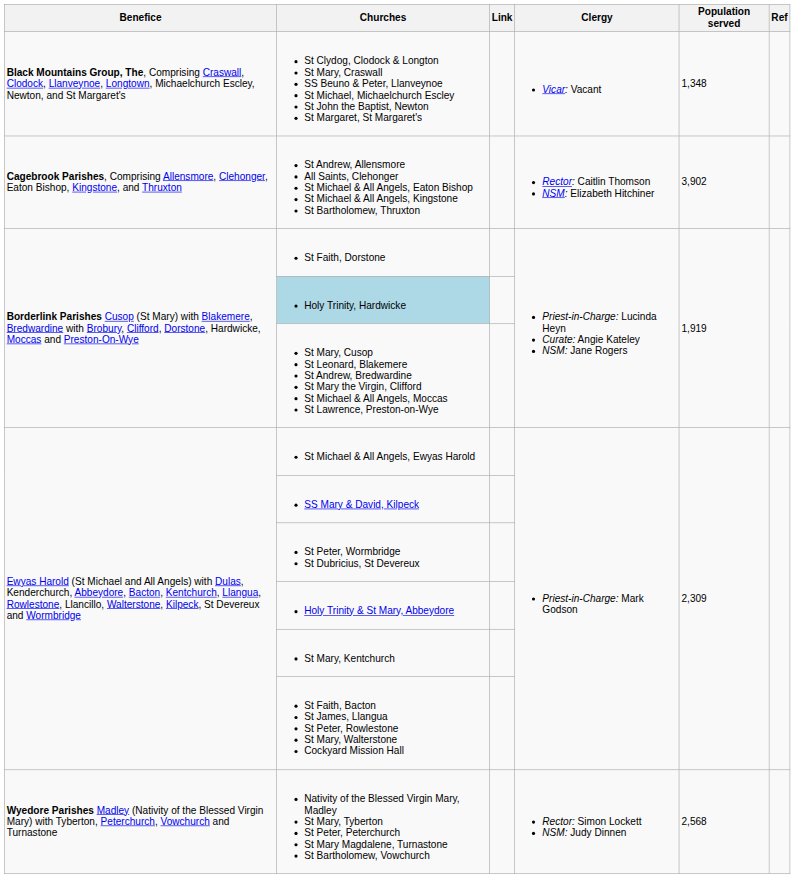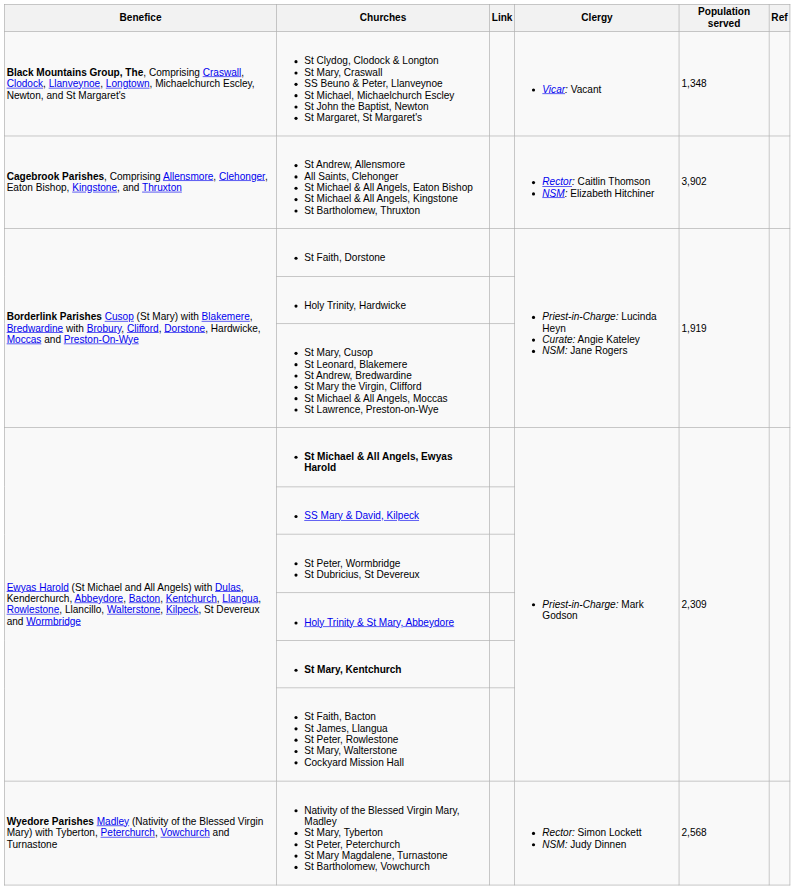 <table class="wikitable">
 <tr>
 <th width="425">Benefice</th>
 <th>Churches</th>
 <th>Link</th>
 <th>Clergy</th>
 <th>Population served</th>
 <th>Ref</th>
 </tr>
 <tr>
 <td><strong>Black Mountains Group, The</strong>, Comprising <a href='#'>Craswall</a>, <a href='#'>Clodock</a>, <a href='#'>Llanveynoe</a>, <a href='#'>Longtown</a>, Michaelchurch Escley, Newton, and St Margaret's</td>
 <td><br><ul><li>St Clydog, Clodock & Longton</li><li>St Mary, Craswall</li><li>SS Beuno & Peter, Llanveynoe</li><li>St Michael, Michaelchurch Escley</li><li>St John the Baptist, Newton</li><li>St Margaret, St Margaret's</li></ul></td>
 <td></td>
 <td><br><ul><li><em><a href='#'>Vicar</a>:</em> Vacant</li></ul></td>
 <td>1,348</td>
 <td></td>
 </tr>
 <tr>
 <td><strong>Cagebrook Parishes</strong>, Comprising <a href='#'>Allensmore</a>, <a href='#'>Clehonger</a>, Eaton Bishop, <a href='#'>Kingstone</a>, and <a href='#'>Thruxton</a></td>
 <td><br><ul><li>St Andrew, Allensmore</li><li>All Saints, Clehonger</li><li>St Michael & All Angels, Eaton Bishop</li><li>St Michael & All Angels, Kingstone</li><li>St Bartholomew, Thruxton</li></ul></td>
 <td></td>
 <td><br><ul><li><em><a href='#'>Rector</a>:</em> Caitlin Thomson</li><li><em><a href='#'>NSM</a>:</em> Elizabeth Hitchiner</li></ul></td>
 <td>3,902</td>
 <td></td>
 </tr>
 <tr>
 <td rowspan="3"><strong>Borderlink Parishes</strong> <a href='#'>Cusop</a> (St Mary) with <a href='#'>Blakemere</a>, <a href='#'>Bredwardine</a> with <a href='#'>Brobury</a>, <a href='#'>Clifford</a>, <a href='#'>Dorstone</a>, Hardwicke, <a href='#'>Moccas</a> and <a href='#'>Preston-On-Wye</a></td>
 <td><br><ul><li>St Faith, Dorstone</li></ul></td>
 <td></td>
 <td rowspan="3"><br><ul><li><em>Priest-in-Charge:</em> Lucinda Heyn</li><li><em>Curate:</em> Angie Kateley</li><li><em>NSM:</em> Jane Rogers</li></ul></td>
 <td rowspan="3">1,919</td>
 <td rowspan="3"></td>
 </tr>
 <tr>
-<td style="background: lightblue;"><br><ul><li>Holy Trinity, Hardwicke</li></ul></td>
+<td><br><ul><li>Holy Trinity, Hardwicke</li></ul></td>
 <td></td>
 </tr>
 <tr>
 <td><br><ul><li>St Mary, Cusop</li><li>St Leonard, Blakemere</li><li>St Andrew, Bredwardine</li><li>St Mary the Virgin, Clifford</li><li>St Michael & All Angels, Moccas</li><li>St Lawrence, Preston-on-Wye</li></ul></td>
 <td></td>
 </tr>
 <tr>
 <td rowspan="6"><a href='#'>Ewyas Harold</a> (St Michael and All Angels) with <a href='#'>Dulas</a>, Kenderchurch, <a href='#'>Abbeydore</a>, <a href='#'>Bacton</a>, <a href='#'>Kentchurch</a>, <a href='#'>Llangua</a>, <a href='#'>Rowlestone</a>, Llancillo, <a href='#'>Walterstone</a>, <a href='#'>Kilpeck</a>, St Devereux and <a href='#'>Wormbridge</a></td>
-<td><br><ul><li>St Michael & All Angels, Ewyas Harold</li></ul></td>
+<td><strong><br><ul><li>St Michael & All Angels, Ewyas Harold</li></ul></strong></td>
 <td></td>
 <td rowspan="6"><br><ul><li><em>Priest-in-Charge:</em> Mark Godson</li></ul></td>
 <td rowspan="6">2,309</td>
 <td rowspan="6"></td>
 </tr>
 <tr>
 <td><br><ul><li><a href='#'>SS Mary & David, Kilpeck</a></li></ul></td>
 <td></td>
 </tr>
 <tr>
 <td><br><ul><li>St Peter, Wormbridge</li><li>St Dubricius, St Devereux</li></ul></td>
 <td></td>
 </tr>
 <tr>
 <td><br><ul><li><a href='#'>Holy Trinity & St Mary, Abbeydore</a></li></ul></td>
 <td></td>
 </tr>
 <tr>
-<td><br><ul><li>St Mary, Kentchurch</li></ul></td>
+<td><strong><br><ul><li>St Mary, Kentchurch</li></ul></strong></td>
 <td></td>
 </tr>
 <tr>
 <td><br><ul><li>St Faith, Bacton</li><li>St James, Llangua</li><li>St Peter, Rowlestone</li><li>St Mary, Walterstone</li><li>Cockyard Mission Hall</li></ul></td>
 <td></td>
 </tr>
 <tr>
 <td><strong>Wyedore Parishes</strong> <a href='#'>Madley</a> (Nativity of the Blessed Virgin Mary) with Tyberton, <a href='#'>Peterchurch</a>, <a href='#'>Vowchurch</a> and Turnastone</td>
 <td><br><ul><li>Nativity of the Blessed Virgin Mary, Madley</li><li>St Mary, Tyberton</li><li>St Peter, Peterchurch</li><li>St Mary Magdalene, Turnastone</li><li>St Bartholomew, Vowchurch</li></ul></td>
 <td></td>
 <td><br><ul><li><em>Rector:</em> Simon Lockett</li><li><em>NSM:</em> Judy Dinnen</li></ul></td>
 <td>2,568</td>
 <td></td>
 </tr>
 </table>
